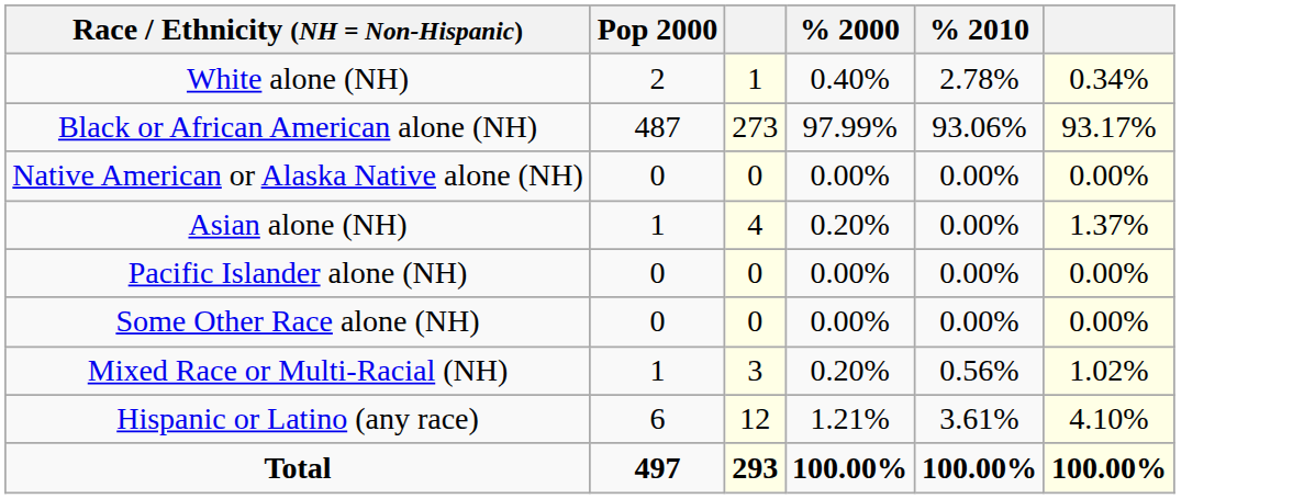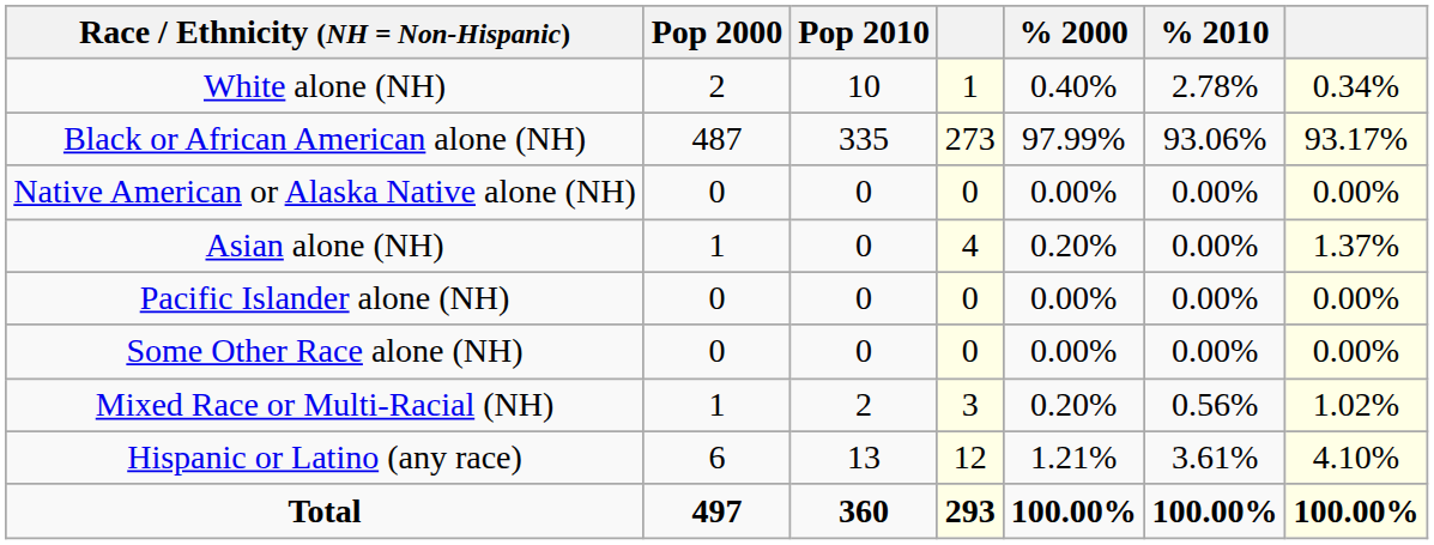 <table class="wikitable" style="text-align:center;">
 <tr>
 <th>Race / Ethnicity <small>(<em>NH = Non-Hispanic</em>)</small></th>
 <th>Pop 2000</th>
+<th>Pop 2010</th>
 <th></th>
 <th>% 2000</th>
 <th>% 2010</th>
 <th></th>
 </tr>
 <tr>
 <td><a href='#'>White</a> alone (NH)</td>
 <td>2</td>
+<td>10</td>
 <td style='background: #ffffe6;'>1</td>
 <td>0.40%</td>
 <td>2.78%</td>
 <td style='background: #ffffe6;'>0.34%</td>
 </tr>
 <tr>
 <td><a href='#'>Black or African American</a> alone (NH)</td>
 <td>487</td>
+<td>335</td>
 <td style='background: #ffffe6;'>273</td>
 <td>97.99%</td>
 <td>93.06%</td>
 <td style='background: #ffffe6;'>93.17%</td>
 </tr>
 <tr>
 <td><a href='#'>Native American</a> or <a href='#'>Alaska Native</a> alone (NH)</td>
+<td>0</td>
 <td>0</td>
 <td style='background: #ffffe6;'>0</td>
 <td>0.00%</td>
 <td>0.00%</td>
 <td style='background: #ffffe6;'>0.00%</td>
 </tr>
 <tr>
 <td><a href='#'>Asian</a> alone (NH)</td>
 <td>1</td>
+<td>0</td>
 <td style='background: #ffffe6;'>4</td>
 <td>0.20%</td>
 <td>0.00%</td>
 <td style='background: #ffffe6;'>1.37%</td>
 </tr>
 <tr>
 <td><a href='#'>Pacific Islander</a> alone (NH)</td>
+<td>0</td>
 <td>0</td>
 <td style='background: #ffffe6;'>0</td>
 <td>0.00%</td>
 <td>0.00%</td>
 <td style='background: #ffffe6;'>0.00%</td>
 </tr>
 <tr>
 <td><a href='#'>Some Other Race</a> alone (NH)</td>
 <td>0</td>
+<td>0</td>
 <td style='background: #ffffe6;'>0</td>
 <td>0.00%</td>
 <td>0.00%</td>
 <td style='background: #ffffe6;'>0.00%</td>
 </tr>
 <tr>
 <td><a href='#'>Mixed Race or Multi-Racial</a> (NH)</td>
 <td>1</td>
+<td>2</td>
 <td style='background: #ffffe6;'>3</td>
 <td>0.20%</td>
 <td>0.56%</td>
 <td style='background: #ffffe6;'>1.02%</td>
 </tr>
 <tr>
 <td><a href='#'>Hispanic or Latino</a> (any race)</td>
 <td>6</td>
+<td>13</td>
 <td style='background: #ffffe6;'>12</td>
 <td>1.21%</td>
 <td>3.61%</td>
 <td style='background: #ffffe6;'>4.10%</td>
 </tr>
 <tr>
 <td><strong>Total</strong></td>
 <td><strong>497</strong></td>
+<td><strong>360</strong></td>
 <td style='background: #ffffe6;'><strong>293</strong></td>
 <td><strong>100.00%</strong></td>
 <td><strong>100.00%</strong></td>
 <td style='background: #ffffe6;'><strong>100.00%</strong></td>
 </tr>
 </table>
